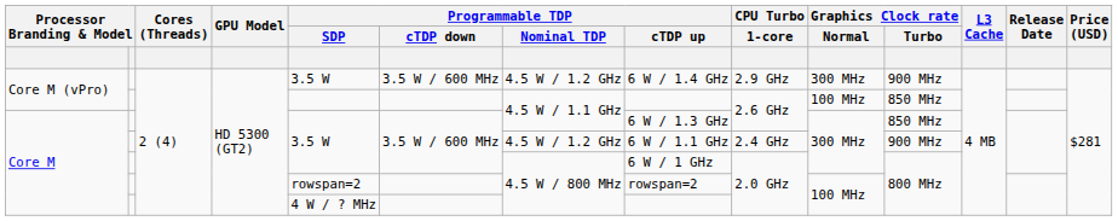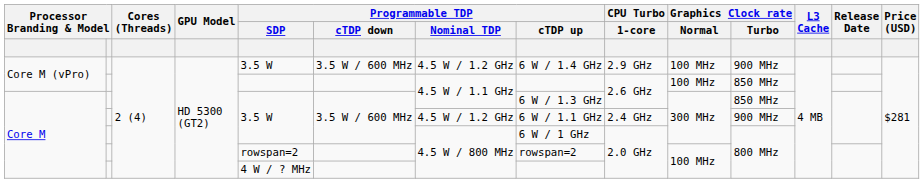 <table class="wikitable sortable hover-highlight">
 <tr>
 <th colspan=2 rowspan="2">Processor<br>Branding & Model</th>
 <th rowspan=2>Cores<br>(Threads)</th>
 <th rowspan=2>GPU Model</th>
 <th colspan="4"><a href='#'>Programmable TDP</a></th>
 <th>CPU Turbo</th>
 <th colspan=2>Graphics <a href='#'>Clock rate</a></th>
 <th rowspan=2><a href='#'>L3<br>Cache</a></th>
 <th rowspan=2>Release<br>Date</th>
 <th rowspan=2>Price<br>(USD)</th>
 </tr>
 <tr>
 <th><a href='#'>SDP</a></th>
 <th><a href='#'>cTDP</a> down</th>
 <th><a href='#'>Nominal TDP</a></th>
 <th>cTDP up</th>
 <th>1-core</th>
 <th>Normal</th>
 <th>Turbo</th>
 </tr>
 <tr>
 <th style="background-position:center"><br></th>
 <th style="background-position:center"></th>
 <th style="background-position:center"></th>
 <th style="background-position:center"></th>
 <th style="background-position:center"></th>
 <th style="background-position:center"></th>
 <th style="background-position:center"></th>
 <th style="background-position:center"></th>
 <th style="background-position:center"></th>
 <th style="background-position:center"></th>
 <th style="background-position:center"></th>
 <th style="background-position:center"></th>
 <th style="background-position:center"></th>
 <th style="background-position:center"></th>
 </tr>
 <tr>
 <td rowspan="2">Core M (vPro)</td>
 <td><strong></strong></td>
 <td rowspan=7>2 (4)</td>
 <td rowspan=7>HD 5300 <br>(GT2)</td>
 <td>3.5 W</td>
 <td>3.5 W / 600 MHz</td>
 <td>4.5 W / 1.2 GHz</td>
 <td>6 W / 1.4 GHz</td>
 <td>2.9 GHz</td>
-<td>300 MHz</td>
+<td>100 MHz</td>
 <td>900 MHz</td>
 <td rowspan=7>4 MB</td>
 <td></td>
 <td rowspan="7">$281</td>
 </tr>
 <tr>
 <td><strong></strong></td>
 <td></td>
 <td></td>
 <td rowspan="2">4.5 W / 1.1 GHz</td>
 <td></td>
 <td rowspan="2">2.6 GHz</td>
 <td>100 MHz</td>
 <td>850 MHz</td>
 <td></td>
 </tr>
 <tr>
 <td rowspan=5><a href='#'>Core M</a></td>
 <td><strong></strong></td>
 <td rowspan=3>3.5 W</td>
 <td rowspan=3>3.5 W / 600 MHz</td>
 <td>6 W / 1.3 GHz</td>
 <td rowspan=3>300 MHz</td>
 <td>850 MHz</td>
 <td rowspan=3></td>
 </tr>
 <tr>
 <td><strong></strong></td>
 <td>4.5 W / 1.2 GHz</td>
 <td>6 W / 1.1 GHz</td>
 <td>2.4 GHz</td>
 <td>900 MHz</td>
 </tr>
 <tr>
 <td><strong></strong></td>
 <td rowspan=3>4.5 W / 800 MHz</td>
 <td>6 W / 1 GHz</td>
 <td rowspan=3>2.0 GHz</td>
 <td rowspan=3>800 MHz</td>
 </tr>
 <tr>
 <td><strong></strong></td>
 <td>rowspan=2 </td>
 <td></td>
 <td>rowspan=2 </td>
 <td rowspan=2>100 MHz</td>
 <td rowspan=2></td>
 </tr>
 <tr>
 <td><strong></strong></td>
 <td>4 W / ? MHz</td>
 </tr>
 </table>
